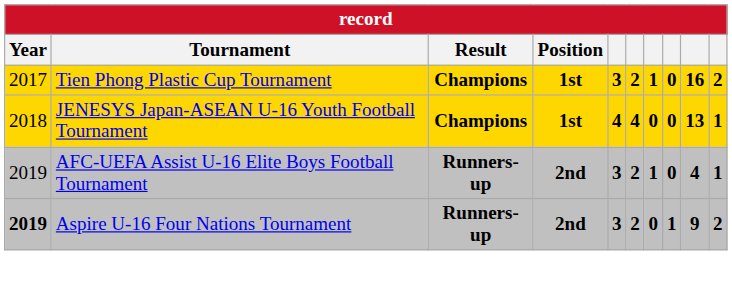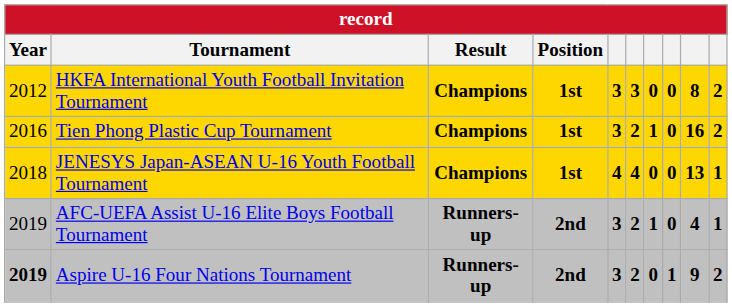 <table class="wikitable" style="text-align: center;">
 <tr>
 <th colspan=10 style="background: #CE1126; color: #FFFFFF;"><a href='#'></a> record</th>
 </tr>
 <tr>
 <th>Year</th>
 <th>Tournament</th>
 <th>Result</th>
 <th>Position</th>
 <th></th>
 <th></th>
 <th></th>
 <th></th>
 <th></th>
 <th></th>
 </tr>
 <tr style="background:gold;">
-<td>2017</td>
+<td>2012</td>
+<td align=left> <a href='#'>HKFA International Youth Football Invitation Tournament</a></td>
+<td><strong>Champions</strong></td>
+<td><strong>1st</strong></td>
+<td><strong>3</strong></td>
+<td><strong>3</strong></td>
+<td><strong>0</strong></td>
+<td><strong>0</strong></td>
+<td><strong>8</strong></td>
+<td><strong>2</strong></td>
+</tr>
+<tr style="background:gold;">
+<td>2016</td>
 <td align=left> <a href='#'>Tien Phong Plastic Cup Tournament</a></td>
 <td><strong>Champions</strong></td>
 <td><strong>1st</strong></td>
 <td><strong>3</strong></td>
 <td><strong>2</strong></td>
 <td><strong>1</strong></td>
 <td><strong>0</strong></td>
 <td><strong>16</strong></td>
 <td><strong>2</strong></td>
 </tr>
 <tr style="background:gold;">
 <td>2018</td>
 <td align=left> <a href='#'>JENESYS Japan-ASEAN U-16 Youth Football Tournament</a></td>
 <td><strong>Champions</strong></td>
 <td><strong>1st</strong></td>
 <td><strong>4</strong></td>
 <td><strong>4</strong></td>
 <td><strong>0</strong></td>
 <td><strong>0</strong></td>
 <td><strong>13</strong></td>
 <td><strong>1</strong></td>
 </tr>
 <tr style=  "background:silver;">
 <td>2019</td>
 <td align=left> <a href='#'>AFC-UEFA Assist U-16 Elite Boys Football Tournament</a></td>
 <td><strong>Runners-up</strong></td>
 <td><strong>2nd</strong></td>
 <td><strong>3</strong></td>
 <td><strong>2</strong></td>
 <td><strong>1</strong></td>
 <td><strong>0</strong></td>
 <td><strong>4</strong></td>
 <td><strong>1</strong></td>
 </tr>
 <tr style=  "background:silver;">
 <td><strong>2019</strong></td>
 <td align=left> <a href='#'>Aspire U-16 Four Nations Tournament</a></td>
 <td><strong>Runners-up</strong></td>
 <td><strong>2nd</strong></td>
 <td><strong>3</strong></td>
 <td><strong>2</strong></td>
 <td><strong>0</strong></td>
 <td><strong>1</strong></td>
 <td><strong>9</strong></td>
 <td><strong>2</strong></td>
 </tr>
 </table>
